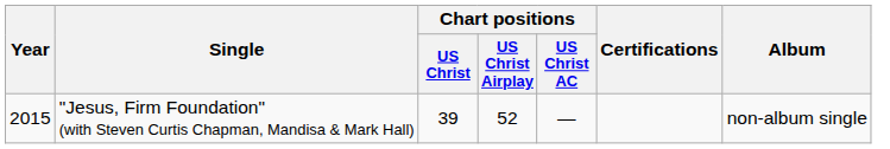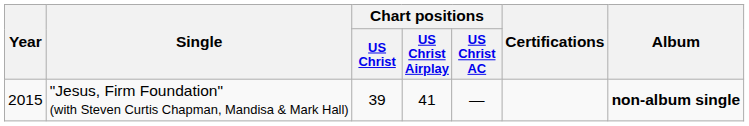 <table class="wikitable" style="text-align:center;">
 <tr>
 <th rowspan="2">Year</th>
 <th rowspan="2">Single</th>
 <th colspan="3">Chart positions</th>
 <th rowspan="2">Certifications</th>
 <th rowspan="2">Album</th>
 </tr>
 <tr style="font-size:smaller;">
 <th width="45"><a href='#'>US<br>Christ</a><br></th>
 <th width="45"><a href='#'>US<br>Christ Airplay</a><br></th>
 <th width="45"><a href='#'>US<br>Christ AC</a><br></th>
 </tr>
 <tr>
 <td>2015</td>
 <td align="left">"Jesus, Firm Foundation"<br><small>(with Steven Curtis Chapman, Mandisa & Mark Hall)</small></td>
 <td>39</td>
-<td>52</td>
+<td>41</td>
 <td>—</td>
 <td></td>
-<td>non-album single</td>
+<td><strong>non-album single</strong></td>
 </tr>
 </table>
